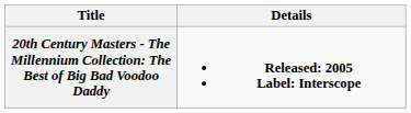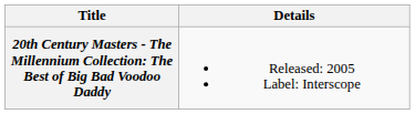 <table class="wikitable plainrowheaders" style="text-align:center;" border="1">
 <tr>
 <th scope="col" rowspan="1" style="width:12em;">Title</th>
 <th scope="col" rowspan="1" style="width:16em;">Details</th>
 </tr>
 <tr>
 <th scope="row"><em>20th Century Masters - The Millennium Collection: The Best of Big Bad Voodoo Daddy</em></th>
-<td><strong><br><ul><li>Released: 2005</li><li>Label: Interscope</li></ul></strong></td>
+<td><br><ul><li>Released: 2005</li><li>Label: Interscope</li></ul></td>
 </tr>
 </table>
